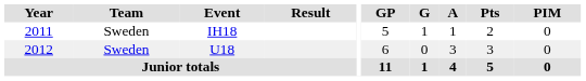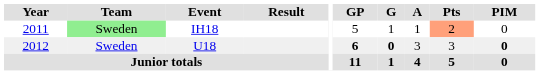 <table border="0" cellpadding="1" cellspacing="0" ID="Table3" style="text-align:center; width:40em">
 <tr ALIGN="center" bgcolor="#e0e0e0">
 <th>Year</th>
 <th>Team</th>
 <th>Event</th>
 <th>Result</th>
 <th rowspan="99" bgcolor="#ffffff"></th>
 <th>GP</th>
 <th>G</th>
 <th>A</th>
 <th>Pts</th>
 <th>PIM</th>
 </tr>
 <tr>
 <td><a href='#'>2011</a></td>
-<td>Sweden</td>
+<td style="background: lightgreen;">Sweden</td>
 <td><a href='#'>IH18</a></td>
 <td></td>
 <td>5</td>
 <td>1</td>
 <td>1</td>
-<td>2</td>
+<td style="background: lightsalmon;">2</td>
 <td>0</td>
 </tr>
 <tr bgcolor="#f0f0f0">
 <td><a href='#'>2012</a></td>
 <td><a href='#'>Sweden</a></td>
 <td><a href='#'>U18</a></td>
 <td></td>
-<td>6</td>
-<td>0</td>
+<td><strong>6</strong></td>
+<td><strong>0</strong></td>
 <td>3</td>
 <td>3</td>
-<td>0</td>
+<td><strong>0</strong></td>
 </tr>
 <tr ALIGN="center" bgcolor="#e0e0e0">
 <th colspan=4>Junior totals</th>
 <th>11</th>
 <th>1</th>
 <th>4</th>
 <th>5</th>
 <th>0</th>
 </tr>
 </table>
